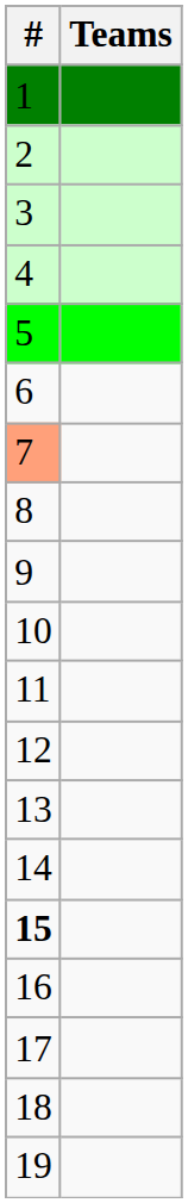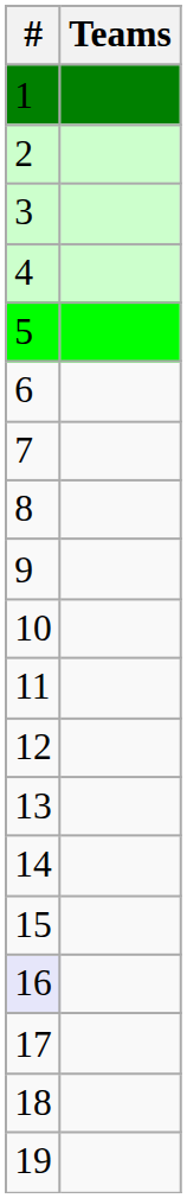 <table class="wikitable">
 <tr>
 <th>#</th>
 <th>Teams</th>
 </tr>
 <tr bgcolor=green>
 <td>1</td>
 <td></td>
 </tr>
 <tr bgcolor=ccffcc>
 <td>2</td>
 <td></td>
 </tr>
 <tr bgcolor=ccffcc>
 <td>3</td>
 <td></td>
 </tr>
 <tr bgcolor=ccffcc>
 <td>4</td>
 <td></td>
 </tr>
 <tr bgcolor=lime>
 <td>5</td>
 <td></td>
 </tr>
 <tr>
 <td>6</td>
 <td></td>
 </tr>
 <tr>
-<td style="background: lightsalmon;">7</td>
+<td>7</td>
 <td></td>
 </tr>
 <tr>
 <td>8</td>
 <td></td>
 </tr>
 <tr>
 <td>9</td>
 <td></td>
 </tr>
 <tr>
 <td>10</td>
 <td></td>
 </tr>
 <tr>
 <td>11</td>
 <td></td>
 </tr>
 <tr>
 <td>12</td>
 <td></td>
 </tr>
 <tr>
 <td>13</td>
 <td></td>
 </tr>
 <tr>
 <td>14</td>
 <td></td>
 </tr>
 <tr>
-<td><strong>15</strong></td>
+<td>15</td>
 <td></td>
 </tr>
 <tr>
-<td>16</td>
+<td style="background: lavender;">16</td>
 <td></td>
 </tr>
 <tr>
 <td>17</td>
 <td></td>
 </tr>
 <tr>
 <td>18</td>
 <td></td>
 </tr>
 <tr>
 <td>19</td>
 <td></td>
 </tr>
 </table>
